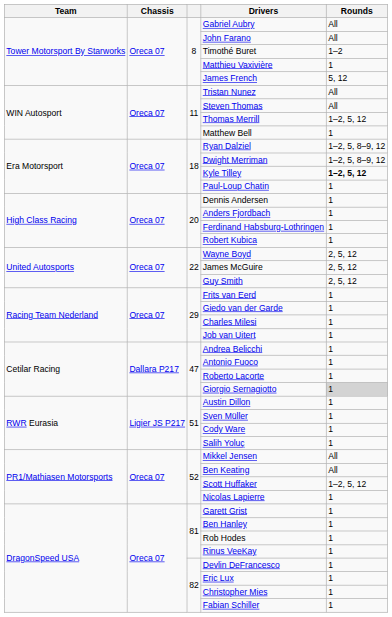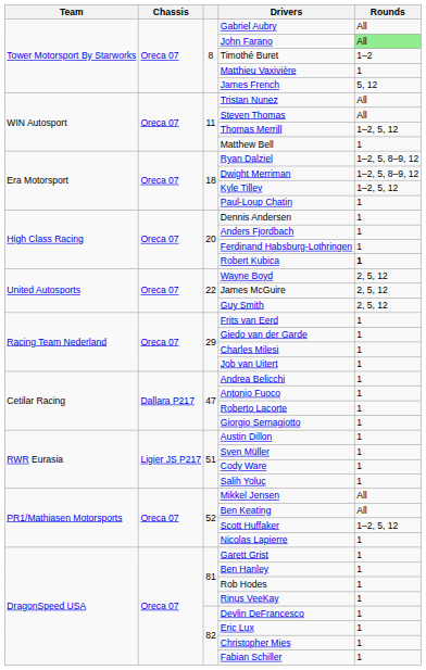 <table class="wikitable" style="font-size: 85%">
 <tr>
 <th>Team</th>
 <th>Chassis</th>
 <th></th>
 <th>Drivers</th>
 <th>Rounds</th>
 </tr>
 <tr>
 <td rowspan="5"> <a href='#'>Tower Motorsport By Starworks</a></td>
 <td rowspan="5"><a href='#'>Oreca 07</a></td>
 <td align="center" rowspan=5>8</td>
 <td> <a href='#'>Gabriel Aubry</a></td>
 <td>All</td>
 </tr>
 <tr>
 <td> <a href='#'>John Farano</a></td>
-<td>All</td>
+<td style="background: lightgreen;">All</td>
 </tr>
 <tr>
 <td> Timothé Buret</td>
 <td>1–2</td>
 </tr>
 <tr>
 <td> <a href='#'>Matthieu Vaxivière</a></td>
 <td>1</td>
 </tr>
 <tr>
 <td> <a href='#'>James French</a></td>
 <td>5, 12</td>
 </tr>
 <tr>
 <td rowspan="4"> WIN Autosport</td>
 <td rowspan="4"><a href='#'>Oreca 07</a></td>
 <td align="center" rowspan=4>11</td>
 <td> <a href='#'>Tristan Nunez</a></td>
 <td>All</td>
 </tr>
 <tr>
 <td> <a href='#'>Steven Thomas</a></td>
 <td>All</td>
 </tr>
 <tr>
 <td> <a href='#'>Thomas Merrill</a></td>
 <td>1–2, 5, 12</td>
 </tr>
 <tr>
 <td> Matthew Bell</td>
 <td>1</td>
 </tr>
 <tr>
 <td rowspan="4"> Era Motorsport</td>
 <td rowspan="4"><a href='#'>Oreca 07</a></td>
 <td rowspan="4" align="center">18</td>
 <td> <a href='#'>Ryan Dalziel</a></td>
 <td>1–2, 5, 8–9, 12</td>
 </tr>
 <tr>
 <td> <a href='#'>Dwight Merriman</a></td>
 <td>1–2, 5, 8–9, 12</td>
 </tr>
 <tr>
 <td> <a href='#'>Kyle Tilley</a></td>
-<td><strong>1–2, 5, 12</strong></td>
+<td>1–2, 5, 12</td>
 </tr>
 <tr>
 <td> <a href='#'>Paul-Loup Chatin</a></td>
 <td>1</td>
 </tr>
 <tr>
 <td rowspan="4"> <a href='#'>High Class Racing</a></td>
 <td rowspan="4"><a href='#'>Oreca 07</a></td>
 <td align="center" rowspan=4>20</td>
 <td> Dennis Andersen</td>
 <td>1</td>
 </tr>
 <tr>
 <td> <a href='#'>Anders Fjordbach</a></td>
 <td>1</td>
 </tr>
 <tr>
 <td> <a href='#'>Ferdinand Habsburg-Lothringen</a></td>
 <td>1</td>
 </tr>
 <tr>
 <td> <a href='#'>Robert Kubica</a></td>
-<td>1</td>
+<td><strong>1</strong></td>
 </tr>
 <tr>
 <td rowspan="3"> <a href='#'>United Autosports</a></td>
 <td rowspan="3"><a href='#'>Oreca 07</a></td>
 <td align="center" rowspan=3>22</td>
 <td> <a href='#'>Wayne Boyd</a></td>
 <td>2, 5, 12</td>
 </tr>
 <tr>
 <td> James McGuire</td>
 <td>2, 5, 12</td>
 </tr>
 <tr>
 <td> <a href='#'>Guy Smith</a></td>
 <td>2, 5, 12</td>
 </tr>
 <tr>
 <td rowspan="4"> <a href='#'>Racing Team Nederland</a></td>
 <td rowspan="4"><a href='#'>Oreca 07</a></td>
 <td align="center" rowspan=4>29</td>
 <td> <a href='#'>Frits van Eerd</a></td>
 <td>1</td>
 </tr>
 <tr>
 <td> <a href='#'>Giedo van der Garde</a></td>
 <td>1</td>
 </tr>
 <tr>
 <td> <a href='#'>Charles Milesi</a></td>
 <td>1</td>
 </tr>
 <tr>
 <td> <a href='#'>Job van Uitert</a></td>
 <td>1</td>
 </tr>
 <tr>
 <td rowspan="4"> Cetilar Racing</td>
 <td rowspan="4"><a href='#'>Dallara P217</a></td>
 <td rowspan="4" align="center">47</td>
 <td> <a href='#'>Andrea Belicchi</a></td>
 <td>1</td>
 </tr>
 <tr>
 <td> <a href='#'>Antonio Fuoco</a></td>
 <td>1</td>
 </tr>
 <tr>
 <td> <a href='#'>Roberto Lacorte</a></td>
 <td>1</td>
 </tr>
 <tr>
 <td> <a href='#'>Giorgio Sernagiotto</a></td>
-<td style="background: lightgrey;">1</td>
+<td>1</td>
 </tr>
 <tr>
 <td rowspan="4"> <a href='#'>RWR</a> Eurasia</td>
 <td rowspan="4"><a href='#'>Ligier JS P217</a></td>
 <td align="center" rowspan=4>51</td>
 <td> <a href='#'>Austin Dillon</a></td>
 <td>1</td>
 </tr>
 <tr>
 <td> <a href='#'>Sven Müller</a></td>
 <td>1</td>
 </tr>
 <tr>
 <td> <a href='#'>Cody Ware</a></td>
 <td>1</td>
 </tr>
 <tr>
 <td> <a href='#'>Salih Yoluç</a></td>
 <td>1</td>
 </tr>
 <tr>
 <td rowspan="4"> <a href='#'>PR1/Mathiasen Motorsports</a></td>
 <td rowspan="4"><a href='#'>Oreca 07</a></td>
 <td align="center" rowspan=4>52</td>
 <td> <a href='#'>Mikkel Jensen</a></td>
 <td>All</td>
 </tr>
 <tr>
 <td> <a href='#'>Ben Keating</a></td>
 <td>All</td>
 </tr>
 <tr>
 <td> <a href='#'>Scott Huffaker</a></td>
 <td>1–2, 5, 12</td>
 </tr>
 <tr>
 <td> <a href='#'>Nicolas Lapierre</a></td>
 <td>1</td>
 </tr>
 <tr>
 <td rowspan="8"> <a href='#'>DragonSpeed USA</a></td>
 <td rowspan="8"><a href='#'>Oreca 07</a></td>
 <td align="center" rowspan=4>81</td>
 <td> <a href='#'>Garett Grist</a></td>
 <td>1</td>
 </tr>
 <tr>
 <td> <a href='#'>Ben Hanley</a></td>
 <td>1</td>
 </tr>
 <tr>
 <td> Rob Hodes</td>
 <td>1</td>
 </tr>
 <tr>
 <td> <a href='#'>Rinus VeeKay</a></td>
 <td>1</td>
 </tr>
 <tr>
 <td align="center" rowspan=4>82</td>
 <td> <a href='#'>Devlin DeFrancesco</a></td>
 <td>1</td>
 </tr>
 <tr>
 <td> <a href='#'>Eric Lux</a></td>
 <td>1</td>
 </tr>
 <tr>
 <td> <a href='#'>Christopher Mies</a></td>
 <td>1</td>
 </tr>
 <tr>
 <td> <a href='#'>Fabian Schiller</a></td>
 <td>1</td>
 </tr>
 </table>
